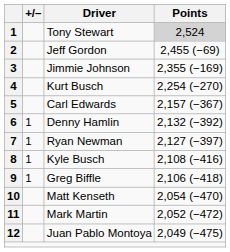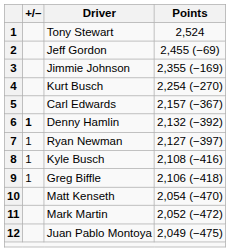 <table class="wikitable">
 <tr>
 <th scope="col"></th>
 <th scope="col">+/–</th>
 <th scope="col">Driver</th>
 <th scope="col">Points</th>
 </tr>
 <tr>
 <th scope="row">1</th>
 <td align="left"></td>
 <td>Tony Stewart</td>
-<td style="background: lightgrey; text-align:center;">2,524</td>
+<td style="text-align:center;">2,524</td>
 </tr>
 <tr>
 <th scope="row">2</th>
 <td align="left"></td>
 <td>Jeff Gordon</td>
 <td style="text-align:center;">2,455 (−69)</td>
 </tr>
 <tr>
 <th scope="row">3</th>
 <td align="left"></td>
 <td>Jimmie Johnson</td>
 <td style="text-align:center;">2,355 (−169)</td>
 </tr>
 <tr>
 <th scope="row">4</th>
 <td align="left"></td>
 <td>Kurt Busch</td>
 <td style="text-align:center;">2,254 (−270)</td>
 </tr>
 <tr>
 <th scope="row">5</th>
 <td align="left"></td>
 <td>Carl Edwards</td>
 <td style="text-align:center;">2,157 (−367)</td>
 </tr>
 <tr>
 <th scope="row">6</th>
-<td align="left"> 1</td>
+<td align="left"><strong> 1</strong></td>
 <td>Denny Hamlin</td>
 <td style="text-align:center;">2,132 (−392)</td>
 </tr>
 <tr>
 <th scope="row">7</th>
 <td align="left"> 1</td>
 <td>Ryan Newman</td>
 <td style="text-align:center;">2,127 (−397)</td>
 </tr>
 <tr>
 <th scope="row">8</th>
 <td align="left"> 1</td>
 <td>Kyle Busch</td>
 <td style="text-align:center;">2,108 (−416)</td>
 </tr>
 <tr>
 <th scope="row">9</th>
 <td align="left"> 1</td>
 <td>Greg Biffle</td>
 <td style="text-align:center;">2,106 (−418)</td>
 </tr>
 <tr>
 <th scope="row">10</th>
 <td align="left"></td>
 <td>Matt Kenseth</td>
 <td style="text-align:center;">2,054 (−470)</td>
 </tr>
 <tr>
 <th scope="row">11</th>
 <td align="left"></td>
 <td>Mark Martin</td>
 <td style="text-align:center;">2,052 (−472)</td>
 </tr>
 <tr>
 <th scope="row">12</th>
 <td align="left"></td>
 <td>Juan Pablo Montoya</td>
 <td style="text-align:center;">2,049 (−475)</td>
 </tr>
 <tr class="sortbottom">
 <td colspan="9"></td>
 </tr>
 </table>
